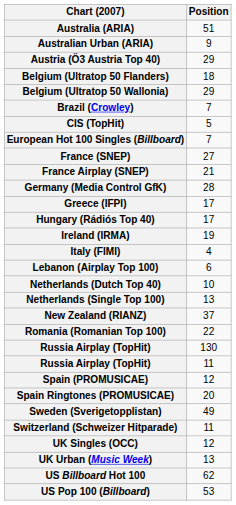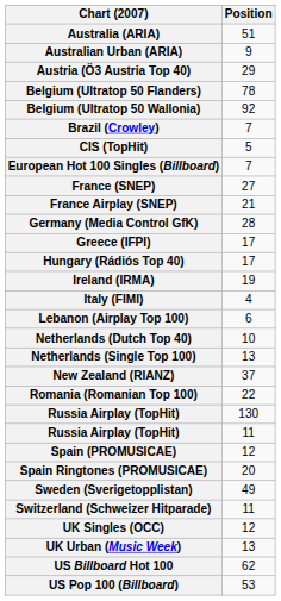 <table class="wikitable sortable plainrowheaders" style="text-align:center">
 <tr>
 <th scope="col">Chart (2007)</th>
 <th scope="col">Position</th>
 </tr>
 <tr>
 <th scope="row">Australia (ARIA)</th>
 <td>51</td>
 </tr>
 <tr>
 <th scope="row">Australian Urban (ARIA)</th>
 <td>9</td>
 </tr>
 <tr>
 <th scope="row">Austria (Ö3 Austria Top 40)</th>
 <td>29</td>
 </tr>
 <tr>
 <th scope="row">Belgium (Ultratop 50 Flanders)</th>
-<td>18</td>
+<td>78</td>
 </tr>
 <tr>
 <th scope="row">Belgium (Ultratop 50 Wallonia)</th>
-<td>29</td>
+<td>92</td>
 </tr>
 <tr>
 <th scope="row">Brazil (<a href='#'>Crowley</a>)</th>
 <td>7</td>
 </tr>
 <tr>
 <th scope="row">CIS (TopHit)</th>
 <td>5</td>
 </tr>
 <tr>
 <th scope="row">European Hot 100 Singles (<em>Billboard</em>)</th>
 <td>7</td>
 </tr>
 <tr>
 <th scope="row">France (SNEP)</th>
 <td>27</td>
 </tr>
 <tr>
 <th scope="row">France Airplay (SNEP)</th>
 <td>21</td>
 </tr>
 <tr>
 <th scope="row">Germany (Media Control GfK)</th>
 <td>28</td>
 </tr>
 <tr>
 <th scope="row">Greece (IFPI)</th>
 <td>17</td>
 </tr>
 <tr>
 <th scope="row">Hungary (Rádiós Top 40)</th>
 <td>17</td>
 </tr>
 <tr>
 <th scope="row">Ireland (IRMA)</th>
 <td>19</td>
 </tr>
 <tr>
 <th scope= "row">Italy (FIMI)</th>
 <td>4</td>
 </tr>
 <tr>
 <th scope="row">Lebanon (Airplay Top 100)</th>
 <td>6</td>
 </tr>
 <tr>
 <th scope="row">Netherlands (Dutch Top 40)</th>
 <td>10</td>
 </tr>
 <tr>
 <th scope="row">Netherlands (Single Top 100)</th>
 <td>13</td>
 </tr>
 <tr>
 <th scope="row">New Zealand (RIANZ)</th>
 <td>37</td>
 </tr>
 <tr>
 <th scope="row">Romania (Romanian Top 100)</th>
 <td>22</td>
 </tr>
 <tr>
 <th scope="row">Russia Airplay (TopHit)</th>
 <td>130</td>
 </tr>
 <tr>
 <th scope="row">Russia Airplay (TopHit)<br><em></em></th>
 <td>11</td>
 </tr>
 <tr>
 <th scope="row">Spain (PROMUSICAE)</th>
 <td>12</td>
 </tr>
 <tr>
 <th scope="row">Spain Ringtones (PROMUSICAE)</th>
 <td>20</td>
 </tr>
 <tr>
 <th scope="row">Sweden (Sverigetopplistan)</th>
 <td>49</td>
 </tr>
 <tr>
 <th scope="row">Switzerland (Schweizer Hitparade)</th>
 <td>11</td>
 </tr>
 <tr>
 <th scope="row">UK Singles (OCC)</th>
 <td>12</td>
 </tr>
 <tr>
 <th scope="row">UK Urban (<em><a href='#'>Music Week</a></em>)</th>
 <td>13</td>
 </tr>
 <tr>
 <th scope="row">US <em>Billboard</em> Hot 100</th>
 <td>62</td>
 </tr>
 <tr>
 <th scope="row">US Pop 100 (<em>Billboard</em>)</th>
 <td>53</td>
 </tr>
 </table>
